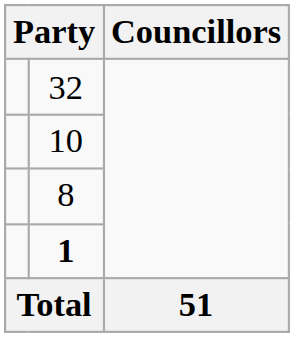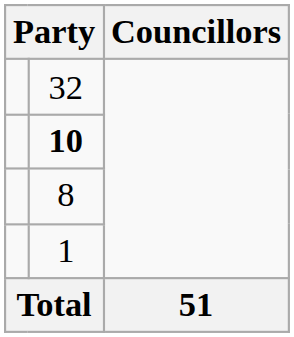 <table class="wikitable">
 <tr>
 <th colspan=2>Party</th>
 <th>Councillors</th>
 </tr>
 <tr>
 <td></td>
 <td align=center>32</td>
 </tr>
 <tr>
 <td></td>
-<td align=center>10</td>
+<td align=center><strong>10</strong></td>
 </tr>
 <tr>
 <td></td>
 <td align=center>8</td>
 </tr>
 <tr>
 <td></td>
-<td align=center><strong>1</strong></td>
+<td align=center>1</td>
 </tr>
 <tr>
 <th colspan=2>Total</th>
 <th align=center>51</th>
 </tr>
 </table>
